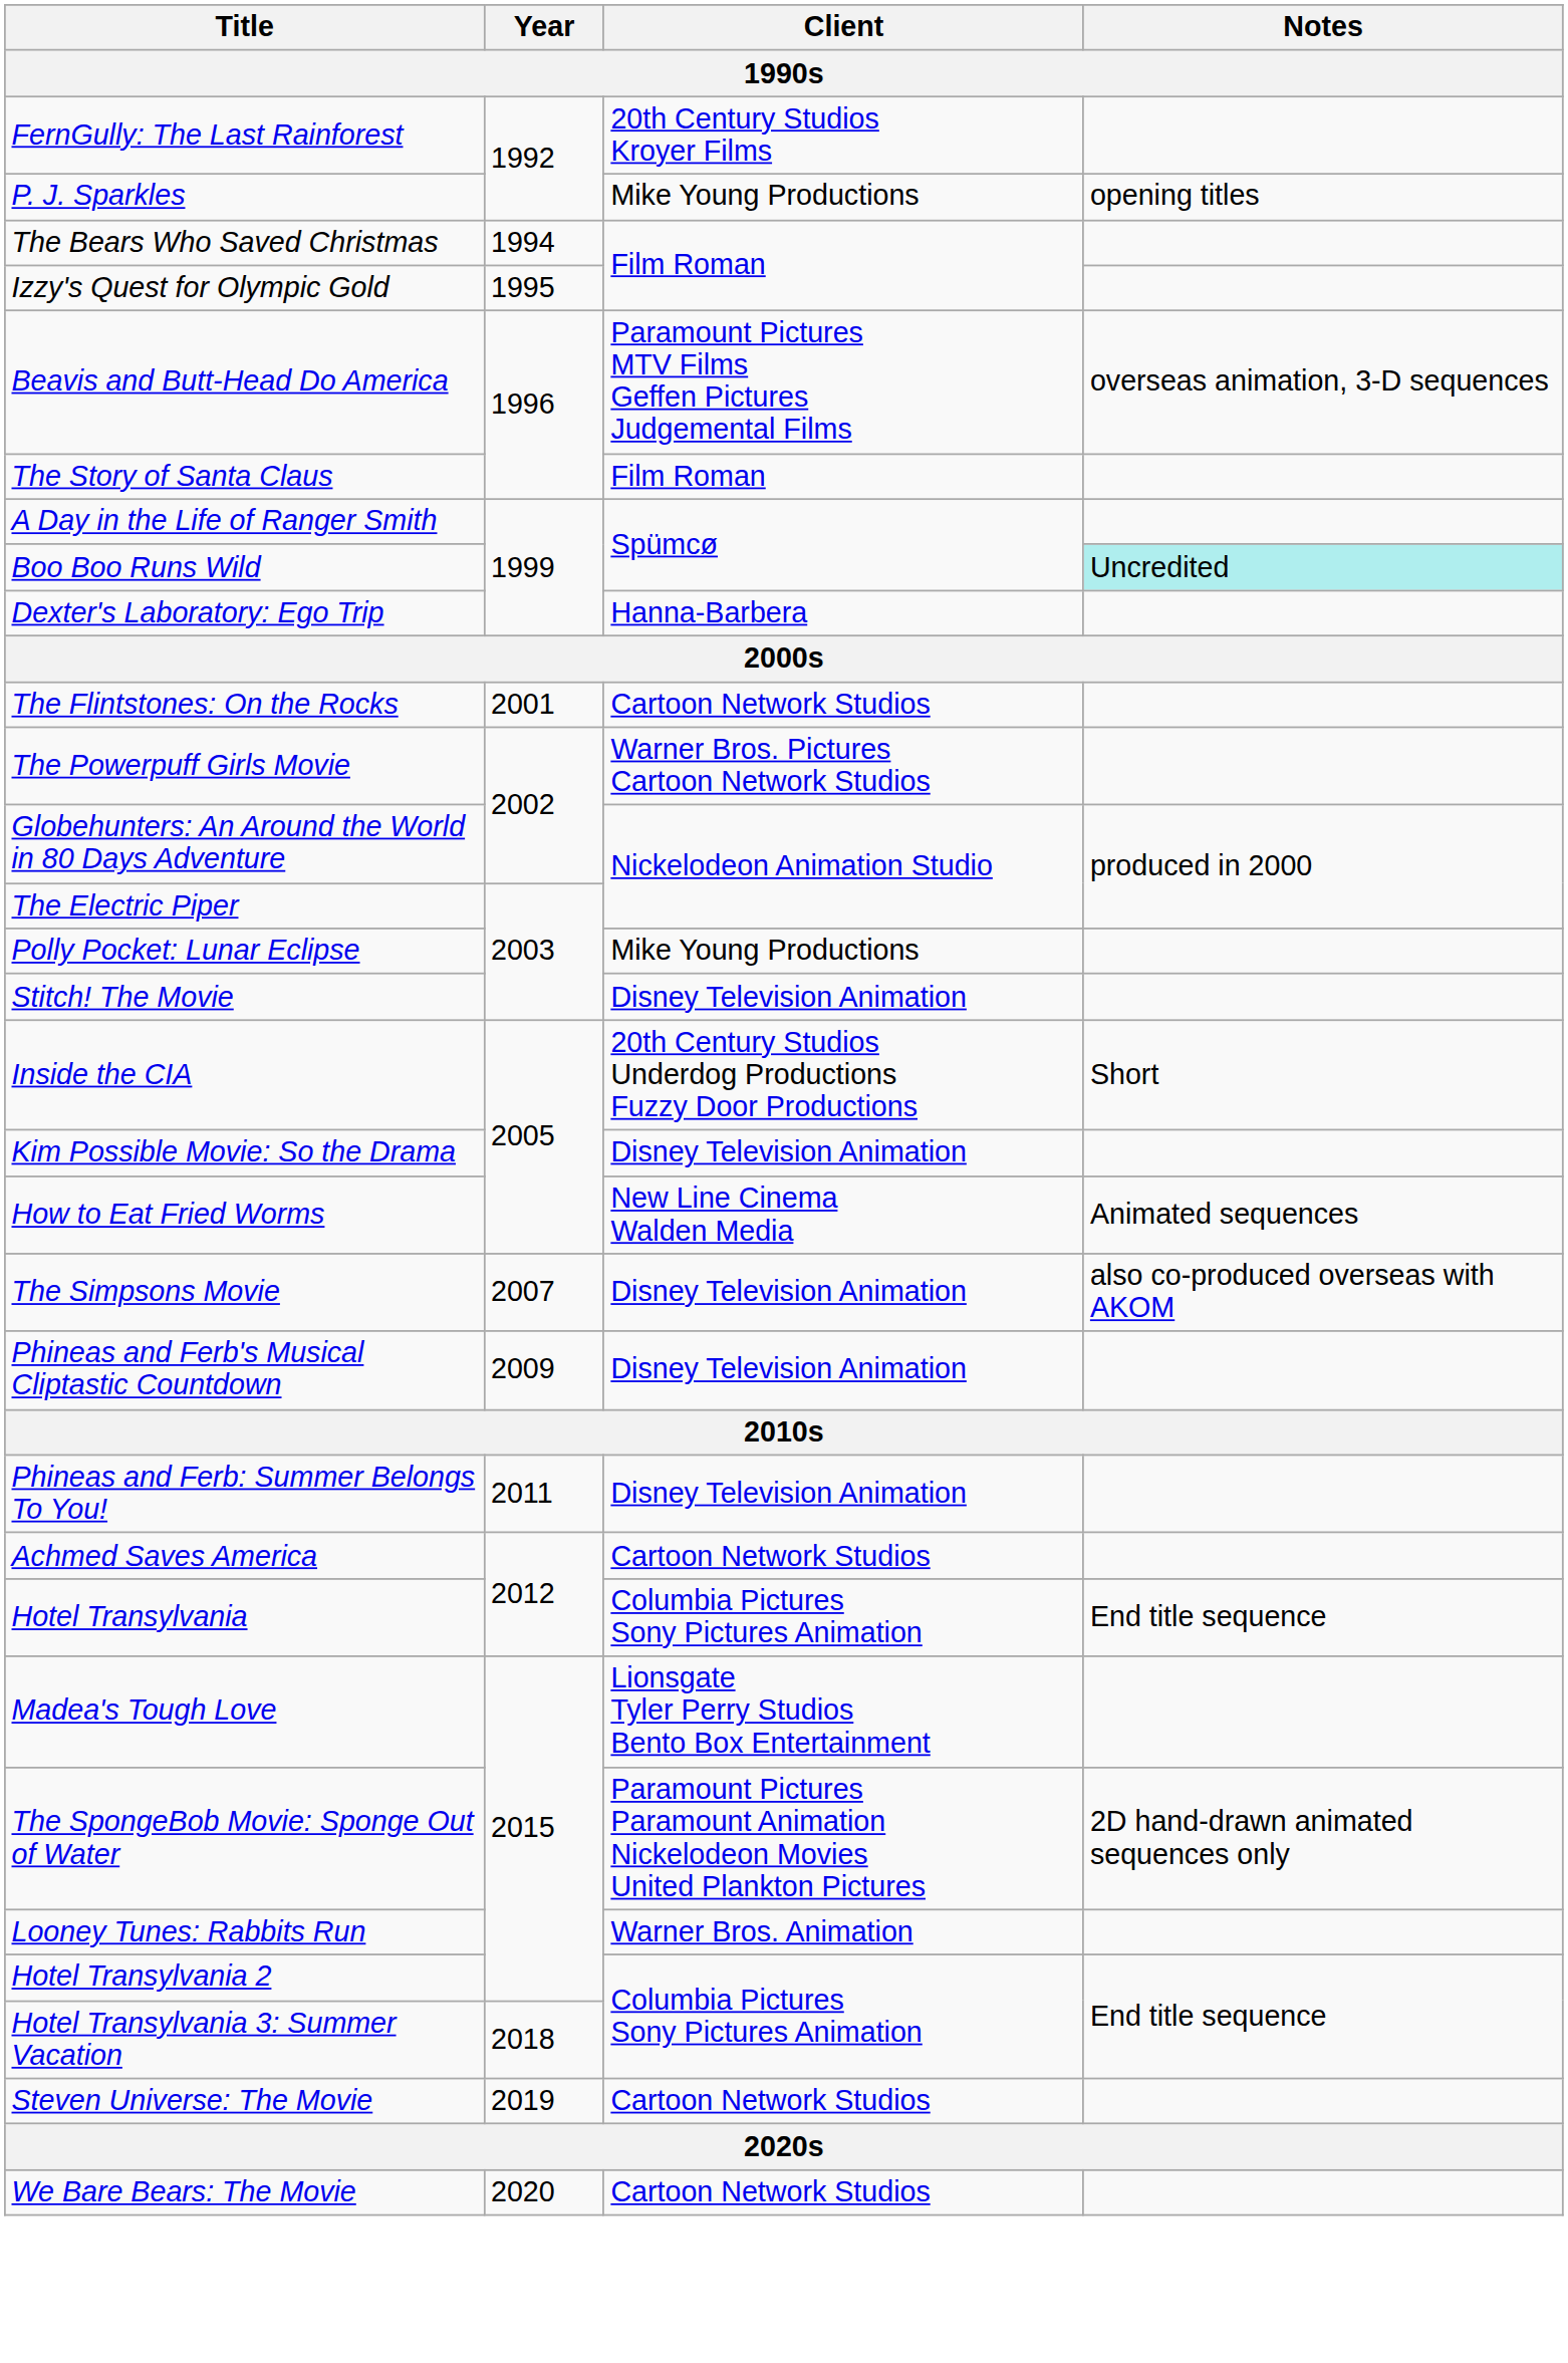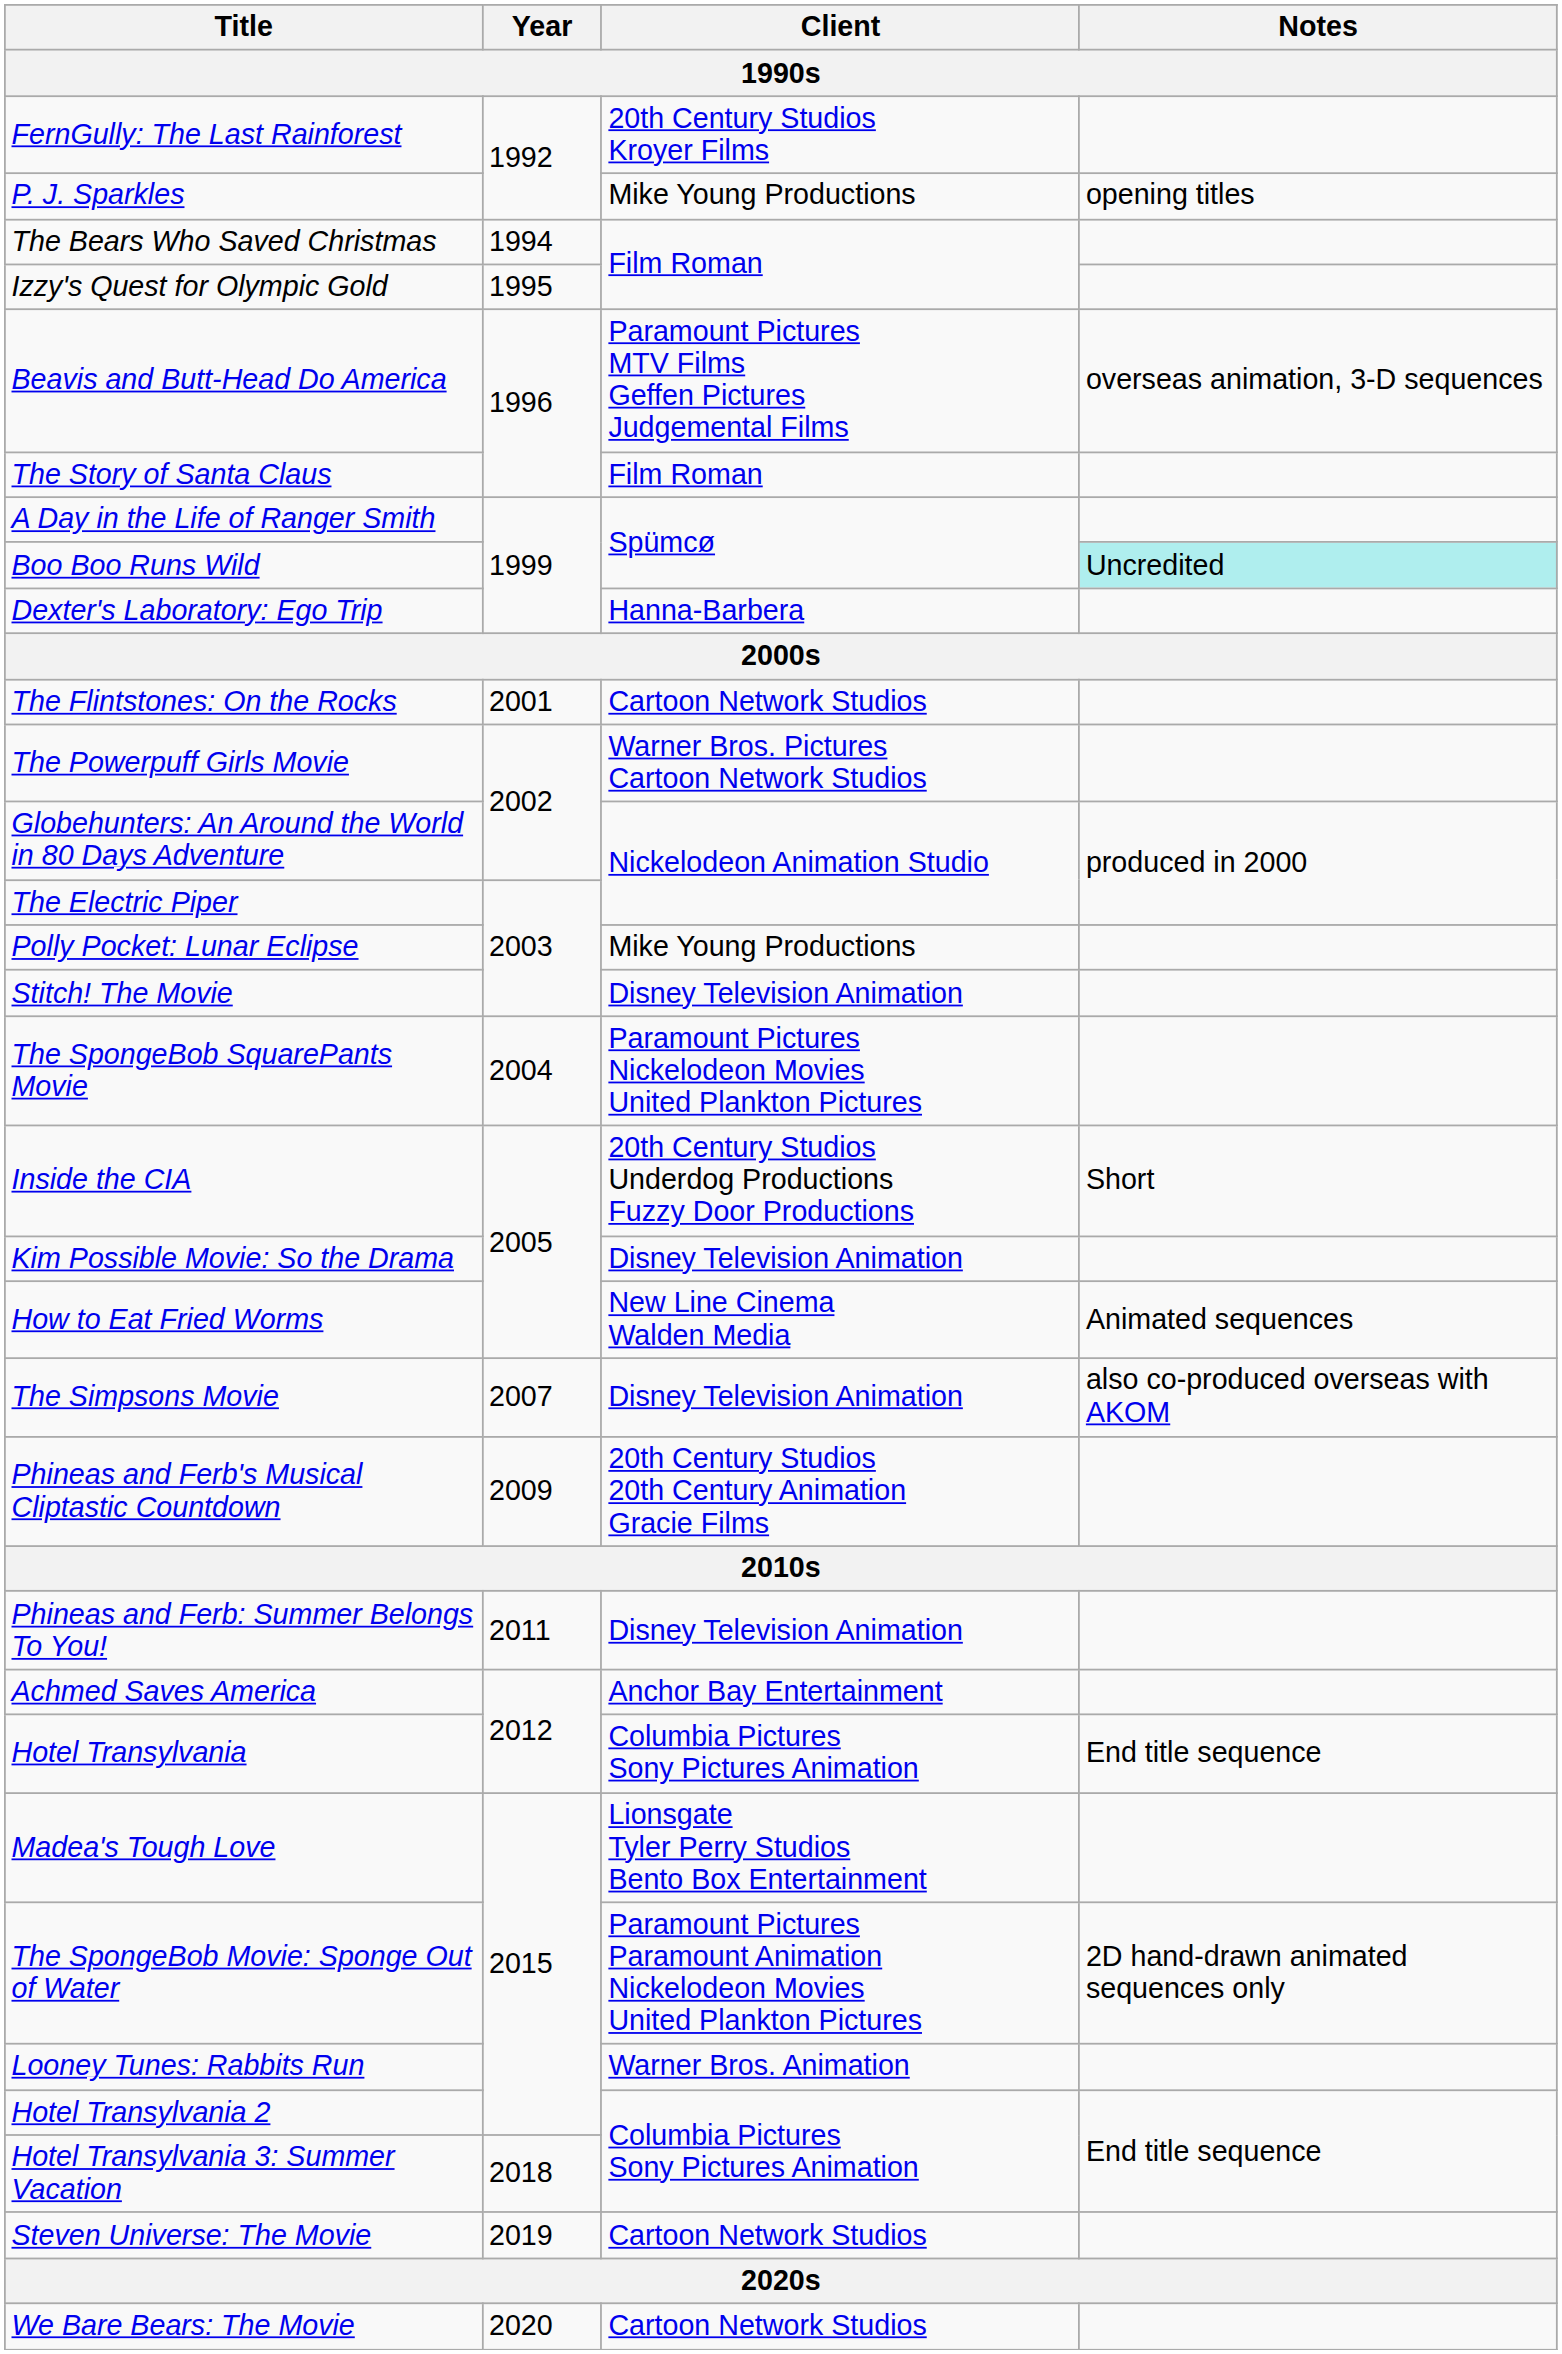 <table class="wikitable sortable" style="width: auto style="width:65%; table-layout: fixed">
 <tr>
 <th style="width:20%;">Title</th>
 <th style="width:5%;">Year</th>
 <th style="width:20%;">Client</th>
 <th style="width:20%;" class="unsortable">Notes</th>
 </tr>
 <tr>
 <th colspan="4" style="background-color:#white;">1990s</th>
 </tr>
 <tr>
 <td><em><a href='#'>FernGully: The Last Rainforest</a></em></td>
 <td rowspan="2">1992</td>
 <td><a href='#'>20th Century Studios</a><br><a href='#'>Kroyer Films</a></td>
 <td></td>
 </tr>
 <tr>
 <td><em><a href='#'>P. J. Sparkles</a></em></td>
 <td>Mike Young Productions</td>
 <td>opening titles</td>
 </tr>
 <tr>
 <td><em>The Bears Who Saved Christmas</em></td>
 <td>1994</td>
 <td rowspan="2"><a href='#'>Film Roman</a></td>
 <td></td>
 </tr>
 <tr>
 <td><em>Izzy's Quest for Olympic Gold</em></td>
 <td>1995</td>
 <td></td>
 </tr>
 <tr>
 <td><em><a href='#'>Beavis and Butt-Head Do America</a></em></td>
 <td rowspan="2">1996</td>
 <td><a href='#'>Paramount Pictures</a><br><a href='#'>MTV Films</a><br><a href='#'>Geffen Pictures</a><br><a href='#'>Judgemental Films</a></td>
 <td>overseas animation, 3-D sequences</td>
 </tr>
 <tr>
 <td><em><a href='#'>The Story of Santa Claus</a></em></td>
 <td><a href='#'>Film Roman</a></td>
 <td></td>
 </tr>
 <tr>
 <td><em><a href='#'>A Day in the Life of Ranger Smith</a></em></td>
 <td rowspan="3">1999</td>
 <td rowspan="2"><a href='#'>Spümcø</a></td>
 <td></td>
 </tr>
 <tr>
 <td><em><a href='#'>Boo Boo Runs Wild</a></em></td>
 <td style="background: paleturquoise;">Uncredited</td>
 </tr>
 <tr>
 <td><em><a href='#'>Dexter's Laboratory: Ego Trip</a></em></td>
 <td><a href='#'>Hanna-Barbera</a></td>
 <td></td>
 </tr>
 <tr>
 <th colspan="4" style="background-color:#white;">2000s</th>
 </tr>
 <tr>
 <td><em><a href='#'>The Flintstones: On the Rocks</a></em></td>
 <td>2001</td>
 <td><a href='#'>Cartoon Network Studios</a></td>
 <td></td>
 </tr>
 <tr>
 <td><em><a href='#'>The Powerpuff Girls Movie</a></em></td>
 <td rowspan="2">2002</td>
 <td><a href='#'>Warner Bros. Pictures</a><br><a href='#'>Cartoon Network Studios</a></td>
 <td></td>
 </tr>
 <tr>
 <td><em><a href='#'>Globehunters: An Around the World in 80 Days Adventure</a></em></td>
 <td rowspan="2"><a href='#'>Nickelodeon Animation Studio</a></td>
 <td rowspan="2">produced in 2000</td>
 </tr>
 <tr>
 <td><em><a href='#'>The Electric Piper</a></em></td>
 <td rowspan="3">2003</td>
 </tr>
 <tr>
 <td><em><a href='#'>Polly Pocket: Lunar Eclipse</a></em></td>
 <td>Mike Young Productions</td>
 <td></td>
 </tr>
 <tr>
 <td><em><a href='#'>Stitch! The Movie</a></em></td>
 <td><a href='#'>Disney Television Animation</a></td>
 <td></td>
 </tr>
 <tr>
+<td><em><a href='#'>The SpongeBob SquarePants Movie</a></em></td>
+<td>2004</td>
+<td><a href='#'>Paramount Pictures</a><br><a href='#'>Nickelodeon Movies</a><br><a href='#'>United Plankton Pictures</a></td>
+<td></td>
+</tr>
+<tr>
 <td><em><a href='#'>Inside the CIA</a></em></td>
 <td rowspan="3">2005</td>
 <td><a href='#'>20th Century Studios</a><br>Underdog Productions<br><a href='#'>Fuzzy Door Productions</a></td>
 <td>Short</td>
 </tr>
 <tr>
 <td><em><a href='#'>Kim Possible Movie: So the Drama</a></em></td>
 <td><a href='#'>Disney Television Animation</a></td>
 <td></td>
 </tr>
 <tr>
 <td><em><a href='#'>How to Eat Fried Worms</a></em></td>
 <td><a href='#'>New Line Cinema</a><br><a href='#'>Walden Media</a></td>
 <td>Animated sequences</td>
 </tr>
 <tr>
 <td><em><a href='#'>The Simpsons Movie</a></em></td>
 <td>2007</td>
 <td><a href='#'>Disney Television Animation</a></td>
 <td>also co-produced overseas with <a href='#'>AKOM</a></td>
 </tr>
 <tr>
 <td><em><a href='#'>Phineas and Ferb's Musical Cliptastic Countdown</a></em></td>
 <td>2009</td>
-<td><a href='#'>Disney Television Animation</a></td>
+<td><a href='#'>20th Century Studios</a><br><a href='#'>20th Century Animation</a><br><a href='#'>Gracie Films</a></td>
 <td></td>
 </tr>
 <tr>
 <th colspan="4" style="background-color:#white;">2010s</th>
 </tr>
 <tr>
 <td><em><a href='#'>Phineas and Ferb: Summer Belongs To You!</a></em></td>
 <td>2011</td>
 <td><a href='#'>Disney Television Animation</a></td>
 <td></td>
 </tr>
 <tr>
 <td><em><a href='#'>Achmed Saves America</a></em></td>
 <td rowspan="2">2012</td>
-<td><a href='#'>Cartoon Network Studios</a></td>
+<td><a href='#'>Anchor Bay Entertainment</a></td>
 <td></td>
 </tr>
 <tr>
 <td><em><a href='#'>Hotel Transylvania</a></em></td>
 <td><a href='#'>Columbia Pictures</a><br><a href='#'>Sony Pictures Animation</a></td>
 <td>End title sequence</td>
 </tr>
 <tr>
 <td><em><a href='#'>Madea's Tough Love</a></em></td>
 <td rowspan="4">2015</td>
 <td><a href='#'>Lionsgate</a><br><a href='#'>Tyler Perry Studios</a><br><a href='#'>Bento Box Entertainment</a></td>
 <td></td>
 </tr>
 <tr>
 <td><em><a href='#'>The SpongeBob Movie: Sponge Out of Water</a></em></td>
 <td><a href='#'>Paramount Pictures</a><br><a href='#'>Paramount Animation</a><br><a href='#'>Nickelodeon Movies</a><br><a href='#'>United Plankton Pictures</a></td>
 <td>2D hand-drawn animated sequences only</td>
 </tr>
 <tr>
 <td><em><a href='#'>Looney Tunes: Rabbits Run</a></em></td>
 <td><a href='#'>Warner Bros. Animation</a></td>
 <td></td>
 </tr>
 <tr>
 <td><em><a href='#'>Hotel Transylvania 2</a></em></td>
 <td rowspan="2"><a href='#'>Columbia Pictures</a><br><a href='#'>Sony Pictures Animation</a></td>
 <td rowspan="2">End title sequence</td>
 </tr>
 <tr>
 <td><em><a href='#'>Hotel Transylvania 3: Summer Vacation</a></em></td>
 <td>2018</td>
 </tr>
 <tr>
 <td><em><a href='#'>Steven Universe: The Movie</a></em></td>
 <td>2019</td>
 <td><a href='#'>Cartoon Network Studios</a></td>
 <td></td>
 </tr>
 <tr>
 <th colspan="4" style="background-color:#white;">2020s</th>
 </tr>
 <tr>
 <td><em><a href='#'>We Bare Bears: The Movie</a></em></td>
 <td>2020</td>
 <td><a href='#'>Cartoon Network Studios</a></td>
 <td></td>
 </tr>
 </table>
